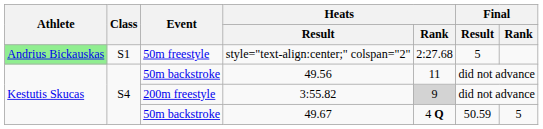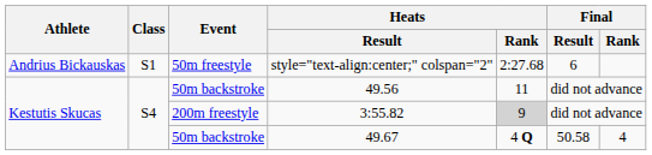 <table class=wikitable style="font-size:90%">
 <tr>
 <th rowspan="2">Athlete</th>
 <th rowspan="2">Class</th>
 <th rowspan="2">Event</th>
 <th colspan="2">Heats</th>
 <th colspan="2">Final</th>
 </tr>
 <tr>
 <th>Result</th>
 <th>Rank</th>
 <th>Result</th>
 <th>Rank</th>
 </tr>
 <tr>
-<td style="background: lightgreen;"><a href='#'>Andrius Bickauskas</a></td>
+<td><a href='#'>Andrius Bickauskas</a></td>
 <td style="text-align:center;">S1</td>
 <td><a href='#'>50m freestyle</a></td>
 <td>style="text-align:center;" colspan="2" </td>
 <td style="text-align:center;">2:27.68</td>
-<td style="text-align:center;">5</td>
+<td style="text-align:center;">6</td>
 </tr>
 <tr>
 <td rowspan="3"><a href='#'>Kestutis Skucas</a></td>
 <td rowspan="3" style="text-align:center;">S4</td>
 <td><a href='#'>50m backstroke</a></td>
 <td style="text-align:center;">49.56</td>
 <td style="text-align:center;">11</td>
 <td style="text-align:center;" colspan="2">did not advance</td>
 </tr>
 <tr>
 <td><a href='#'>200m freestyle</a></td>
 <td style="text-align:center;">3:55.82</td>
 <td style="background: lightgrey; text-align:center;">9</td>
 <td style="text-align:center;" colspan="2">did not advance</td>
 </tr>
 <tr>
 <td><a href='#'>50m backstroke</a></td>
 <td style="text-align:center;">49.67</td>
 <td style="text-align:center;">4 <strong>Q</strong></td>
-<td style="text-align:center;">50.59</td>
-<td style="text-align:center;">5</td>
+<td style="text-align:center;">50.58</td>
+<td style="text-align:center;">4</td>
 </tr>
 </table>
